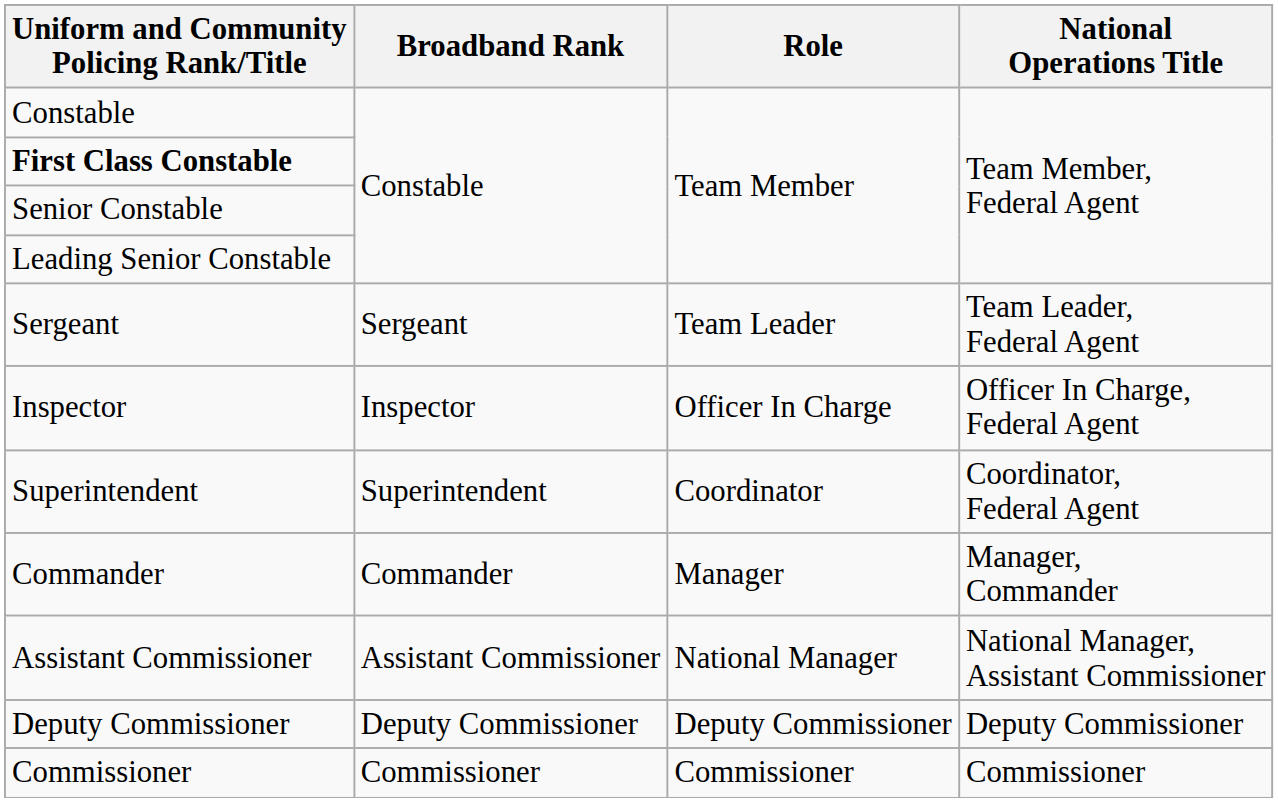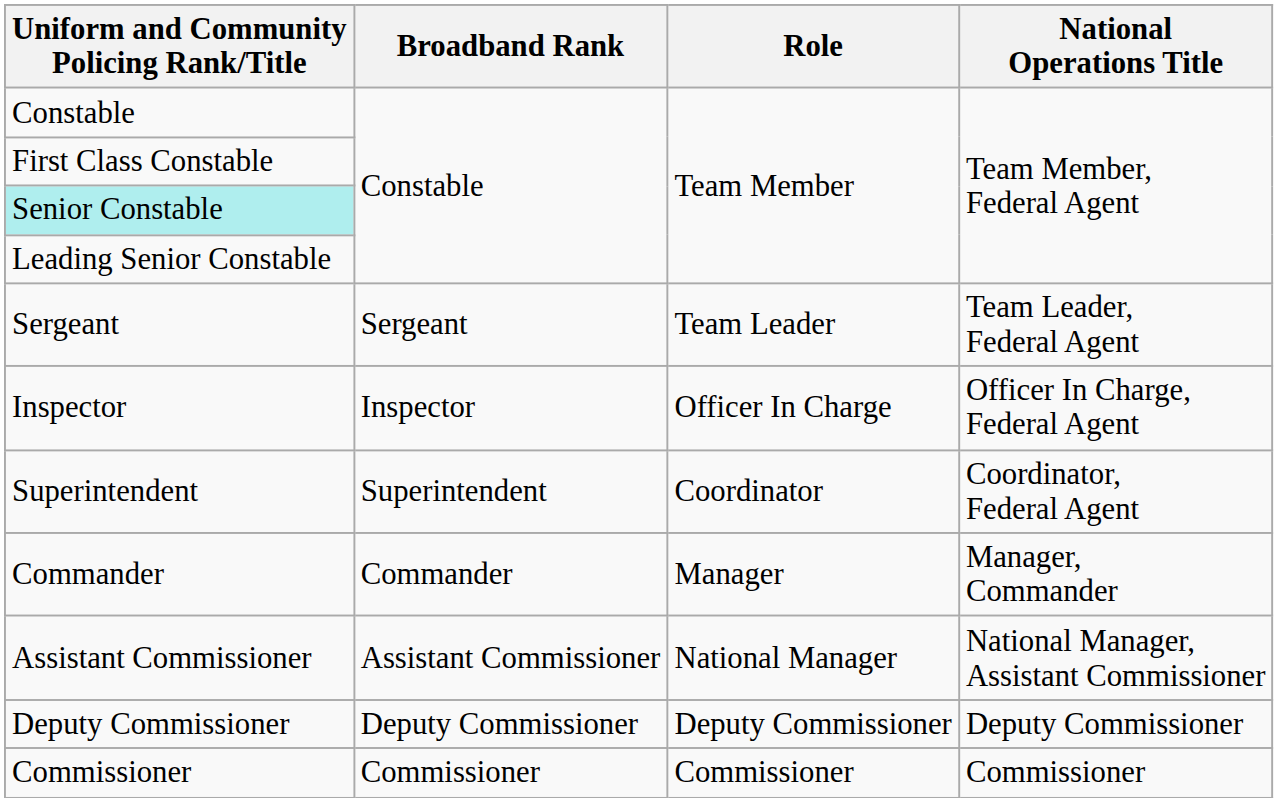 <table class="wikitable">
 <tr>
 <th>Uniform and Community<br>Policing Rank/Title</th>
 <th>Broadband Rank</th>
 <th>Role</th>
 <th>National<br>Operations Title</th>
 </tr>
 <tr>
 <td>Constable</td>
 <td rowspan="4">Constable</td>
 <td rowspan="4">Team Member</td>
 <td rowspan="4">Team Member,<br>Federal Agent</td>
 </tr>
 <tr>
-<td><strong>First Class Constable</strong></td>
+<td>First Class Constable</td>
 </tr>
 <tr>
-<td>Senior Constable</td>
+<td style="background: paleturquoise;">Senior Constable</td>
 </tr>
 <tr>
 <td>Leading Senior Constable</td>
 </tr>
 <tr>
 <td>Sergeant</td>
 <td>Sergeant</td>
 <td>Team Leader</td>
 <td>Team Leader,<br>Federal Agent</td>
 </tr>
 <tr>
 <td>Inspector</td>
 <td>Inspector</td>
 <td>Officer In Charge</td>
 <td>Officer In Charge,<br>Federal Agent</td>
 </tr>
 <tr>
 <td>Superintendent</td>
 <td>Superintendent</td>
 <td>Coordinator</td>
 <td>Coordinator,<br>Federal Agent</td>
 </tr>
 <tr>
 <td>Commander</td>
 <td>Commander</td>
 <td>Manager</td>
 <td>Manager,<br>Commander</td>
 </tr>
 <tr>
 <td>Assistant Commissioner</td>
 <td>Assistant Commissioner</td>
 <td>National Manager</td>
 <td>National Manager,<br>Assistant Commissioner</td>
 </tr>
 <tr>
 <td>Deputy Commissioner</td>
 <td>Deputy Commissioner</td>
 <td>Deputy Commissioner</td>
 <td>Deputy Commissioner</td>
 </tr>
 <tr>
 <td>Commissioner</td>
 <td>Commissioner</td>
 <td>Commissioner</td>
 <td>Commissioner</td>
 </tr>
 </table>
